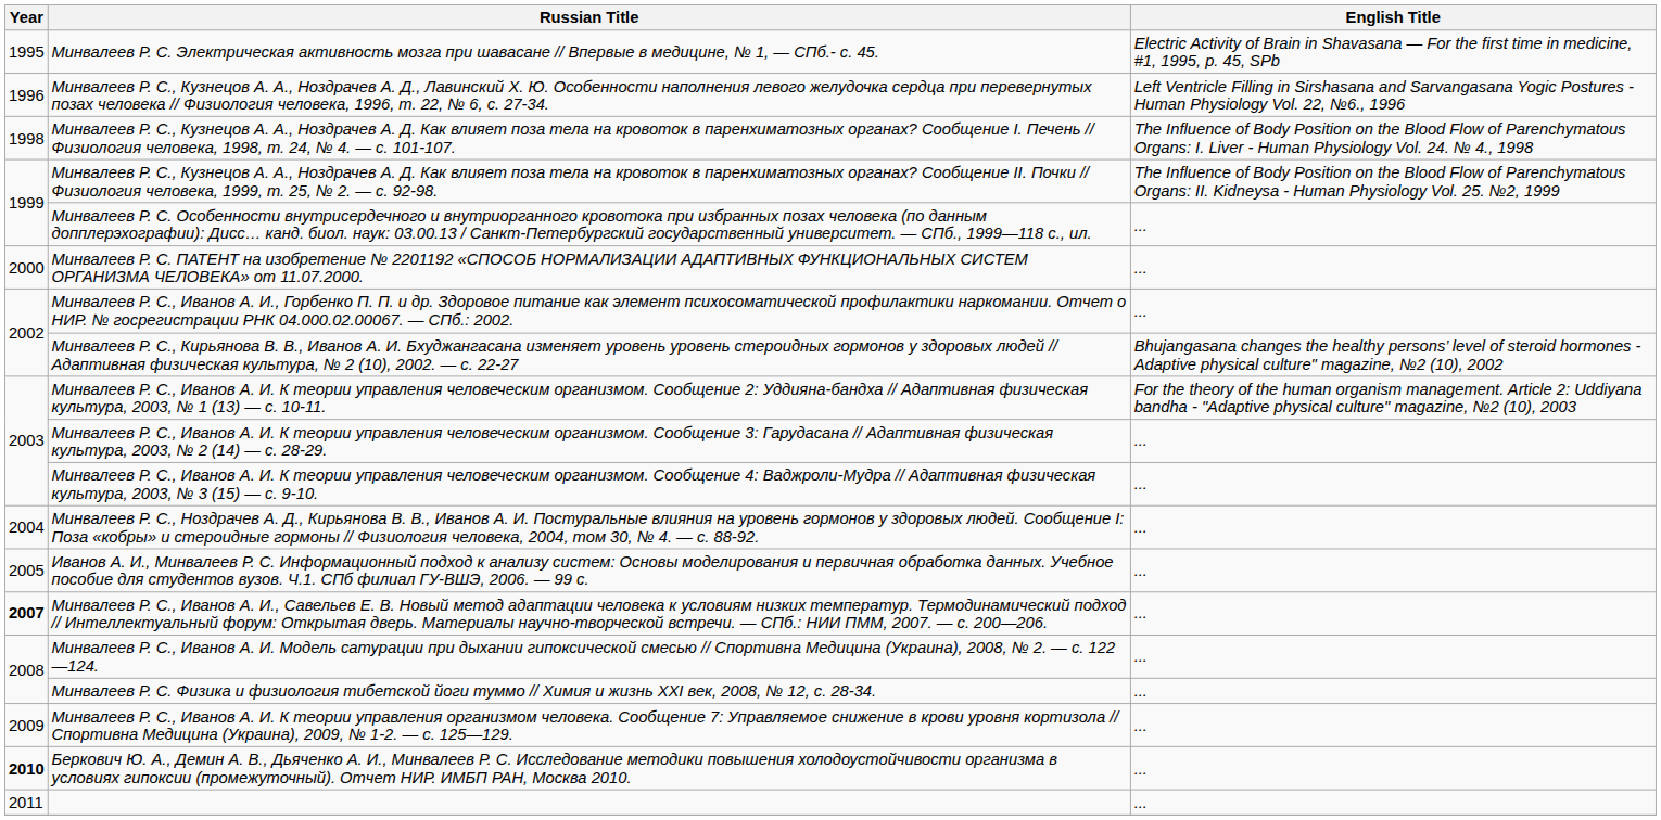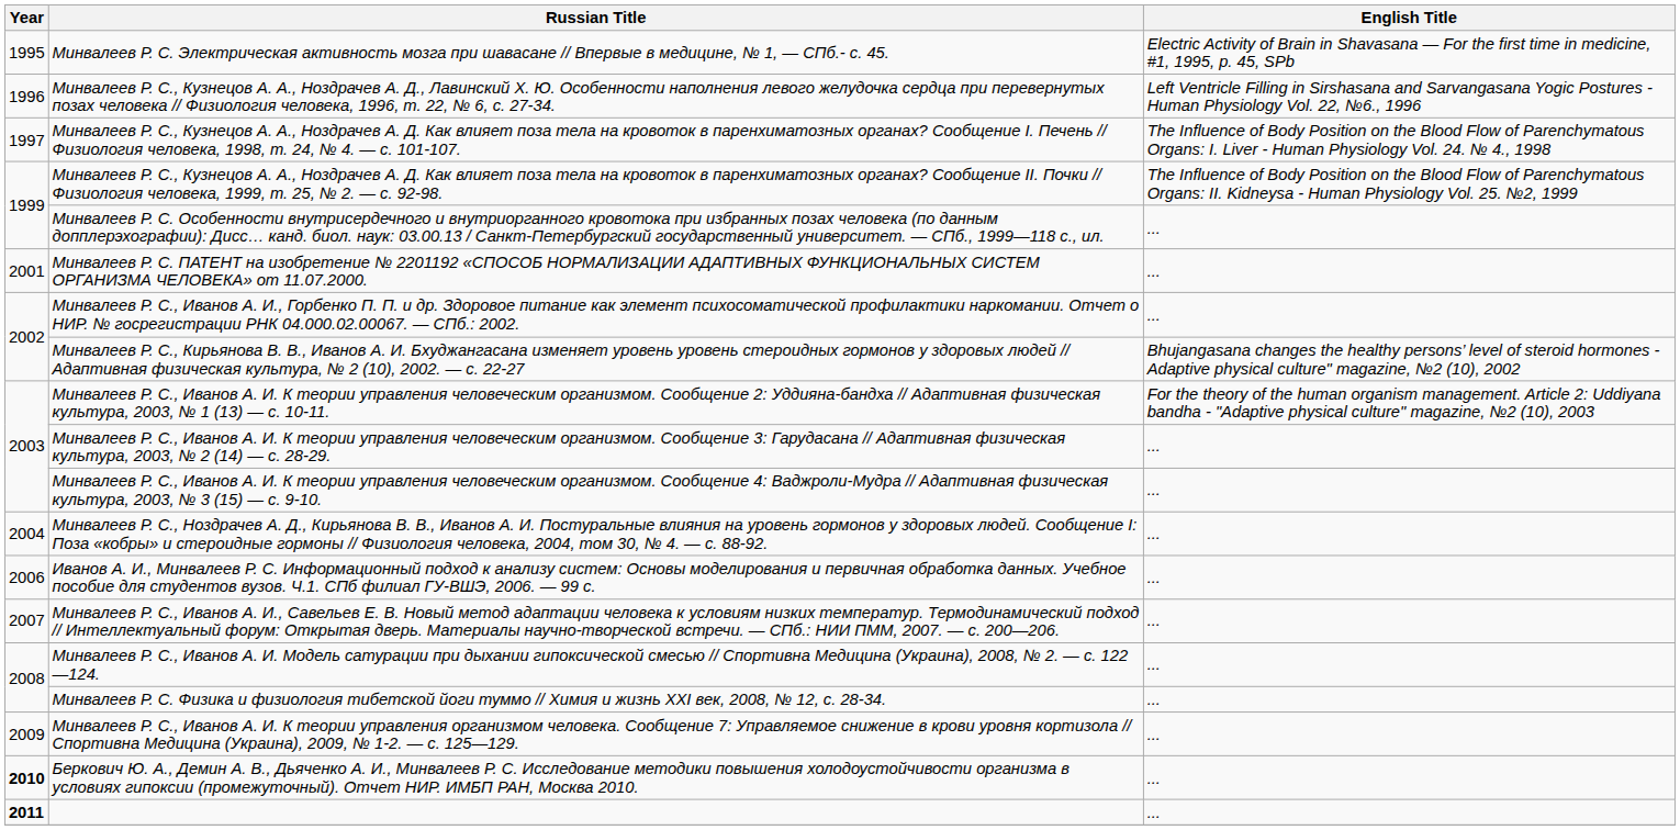 <table class="wikitable" style="font-size: 95%;">
 <tr>
 <th>Year</th>
 <th>Russian Title</th>
 <th>English Title</th>
 </tr>
 <tr>
 <td>1995</td>
 <td><em>Минвалеев Р. С. Электрическая активность мозга при шавасане // Впервые в медицине, № 1, — СПб.- с. 45.</em></td>
 <td><em>Electric Activity of Brain in Shavasana — For the first time in medicine, #1, 1995, p. 45, SPb</em></td>
 </tr>
 <tr>
 <td>1996</td>
 <td><em>Минвалеев Р. С., Кузнецов А. А., Ноздрачев А. Д., Лавинский Х. Ю. Особенности наполнения левого желудочка сердца при перевернутых позах человека // Физиология человека, 1996, т. 22, № 6, с. 27-34.</em></td>
 <td><em>Left Ventricle Filling in Sirshasana and Sarvangasana Yogic Postures - Human Physiology Vol. 22, №6., 1996</em></td>
 </tr>
 <tr>
-<td>1998</td>
+<td>1997</td>
 <td><em>Минвалеев Р. С., Кузнецов А. А., Ноздрачев А. Д. Как влияет поза тела на кровоток в паренхиматозных органах? Сообщение I. Печень // Физиология человека, 1998, т. 24, № 4. — с. 101-107.</em></td>
 <td><em>The Influence of Body Position on the Blood Flow of Parenchymatous Organs: I. Liver - Human Physiology Vol. 24. № 4., 1998</em></td>
 </tr>
 <tr>
 <td rowspan="2">1999</td>
 <td><em>Минвалеев Р. С., Кузнецов А. А., Ноздрачев А. Д. Как влияет поза тела на кровоток в паренхиматозных органах? Сообщение II. Почки // Физиология человека, 1999, т. 25, № 2. — с. 92-98.</em></td>
 <td><em>The Influence of Body Position on the Blood Flow of Parenchymatous Organs: II. Kidneysа - Human Physiology Vol. 25. №2,	1999</em></td>
 </tr>
 <tr>
 <td><em>Минвалеев Р. С. Особенности внутрисердечного и внутриорганного кровотока при избранных позах человека (по данным допплерэхографии): Дисс… канд. биол. наук: 03.00.13 / Санкт-Петербургский государственный университет. — СПб., 1999—118 с., ил.</em></td>
 <td><em>...</em></td>
 </tr>
 <tr>
-<td>2000</td>
+<td>2001</td>
 <td><em>Минвалеев Р. С. ПАТЕНТ на изобретение № 2201192 «СПОСОБ НОРМАЛИЗАЦИИ АДАПТИВНЫХ ФУНКЦИОНАЛЬНЫХ СИСТЕМ ОРГАНИЗМА ЧЕЛОВЕКА» от 11.07.2000.</em></td>
 <td><em>...</em></td>
 </tr>
 <tr>
 <td rowspan="2">2002</td>
 <td><em>Минвалеев Р. С., Иванов А. И., Горбенко П. П. и др. Здоровое питание как элемент психосоматической профилактики наркомании. Отчет о НИР. № госрегистрации РНК 04.000.02.00067. — СПб.: 2002.</em></td>
 <td><em>...</em></td>
 </tr>
 <tr>
 <td><em>Минвалеев Р. С., Кирьянова В. В., Иванов А. И. Бхуджангасана изменяет уровень уровень стероидных гормонов у здоровых людей // Адаптивная физическая культура, № 2 (10), 2002. — с. 22-27</em></td>
 <td><em>Bhujangasana changes the healthy persons’ level of steroid hormones -Adaptive physical culture" magazine, №2 (10), 2002</em></td>
 </tr>
 <tr>
 <td rowspan="3">2003</td>
 <td><em>Минвалеев Р. С., Иванов А. И. К теории управления человеческим организмом. Сообщение 2: Уддияна-бандха // Адаптивная физическая культура, 2003, № 1 (13) — с. 10-11.</em></td>
 <td><em>For the theory of the human organism management. Article 2: Uddiyana bandha - "Adaptive physical culture" magazine, №2 (10), 2003</em></td>
 </tr>
 <tr>
 <td><em>Минвалеев Р. С., Иванов А. И. К теории управления человеческим организмом. Сообщение 3: Гарудасана // Адаптивная физическая культура, 2003, № 2 (14) — с. 28-29.</em></td>
 <td><em>...</em></td>
 </tr>
 <tr>
 <td><em>Минвалеев Р. С., Иванов А. И. К теории управления человеческим организмом. Сообщение 4: Ваджроли-Мудра // Адаптивная физическая культура, 2003, № 3 (15) — с. 9-10.</em></td>
 <td><em>...</em></td>
 </tr>
 <tr>
 <td>2004</td>
 <td><em>Минвалеев Р. С., Ноздрачев А. Д., Кирьянова В. В., Иванов А. И. Постуральные влияния на уровень гормонов у здоровых людей. Сообщение I: Поза «кобры» и стероидные гормоны // Физиология человека, 2004, том 30, № 4. — с. 88-92.</em></td>
 <td><em>...</em></td>
 </tr>
 <tr>
-<td>2005</td>
+<td>2006</td>
 <td><em>Иванов А. И., Минвалеев Р. С. Информационный подход к анализу систем: Основы моделирования и первичная обработка данных. Учебное пособие для студентов вузов. Ч.1. СПб филиал ГУ-ВШЭ, 2006. — 99 с.</em></td>
 <td><em>...</em></td>
 </tr>
 <tr>
-<td><strong>2007</strong></td>
+<td>2007</td>
 <td><em>Минвалеев Р. С., Иванов А. И., Савельев Е. В. Новый метод адаптации человека к условиям низких температур. Термодинамический подход // Интеллектуальный форум: Открытая дверь. Материалы научно-творческой встречи. — СПб.: НИИ ПММ, 2007. — с. 200—206.</em></td>
 <td><em>...</em></td>
 </tr>
 <tr>
 <td rowspan="2">2008</td>
 <td><em>Минвалеев Р. С., Иванов А. И. Модель сатурации при дыхании гипоксической смесью // Спортивна Медицина (Украина), 2008, № 2. — с. 122—124.</em></td>
 <td><em>...</em></td>
 </tr>
 <tr>
 <td><em>Минвалеев Р. С. Физика и физиология тибетской йоги туммо // Химия и жизнь XXI век, 2008, № 12, с. 28-34.</em></td>
 <td><em>...</em></td>
 </tr>
 <tr>
 <td>2009</td>
 <td><em>Минвалеев Р. С., Иванов А. И. К теории управления организмом человека. Сообщение 7: Управляемое снижение в крови уровня кортизола // Спортивна Медицина (Украина), 2009, № 1-2. — с. 125—129.</em></td>
 <td><em>...</em></td>
 </tr>
 <tr>
 <td><strong>2010</strong></td>
 <td><em>Беркович Ю. А., Демин А. В., Дьяченко А. И., Минвалеев Р. С. Исследование методики повышения холодоустойчивости организма в условиях гипоксии (промежуточный). Отчет НИР. ИМБП РАН, Москва 2010.</em></td>
 <td><em>...</em></td>
 </tr>
 <tr>
-<td>2011</td>
+<td><strong>2011</strong></td>
 <td><em></em></td>
 <td><em>...</em></td>
 </tr>
 <tr>
 </tr>
 </table>
